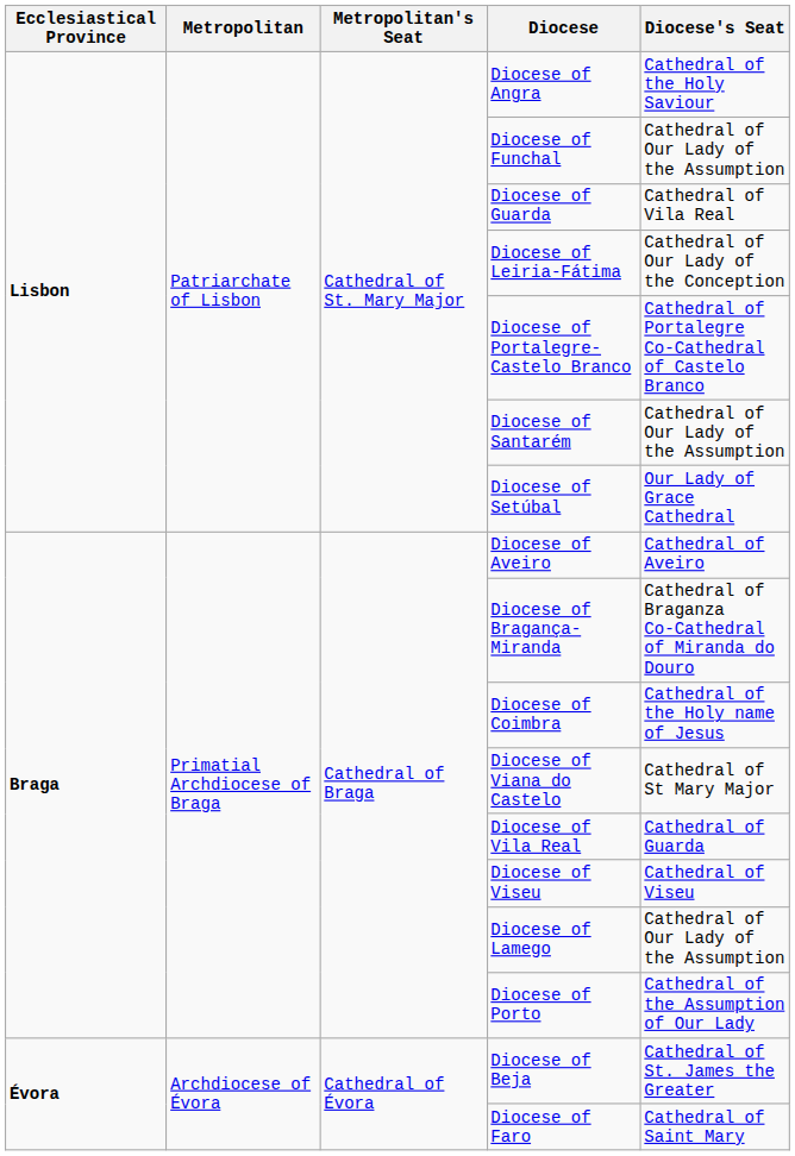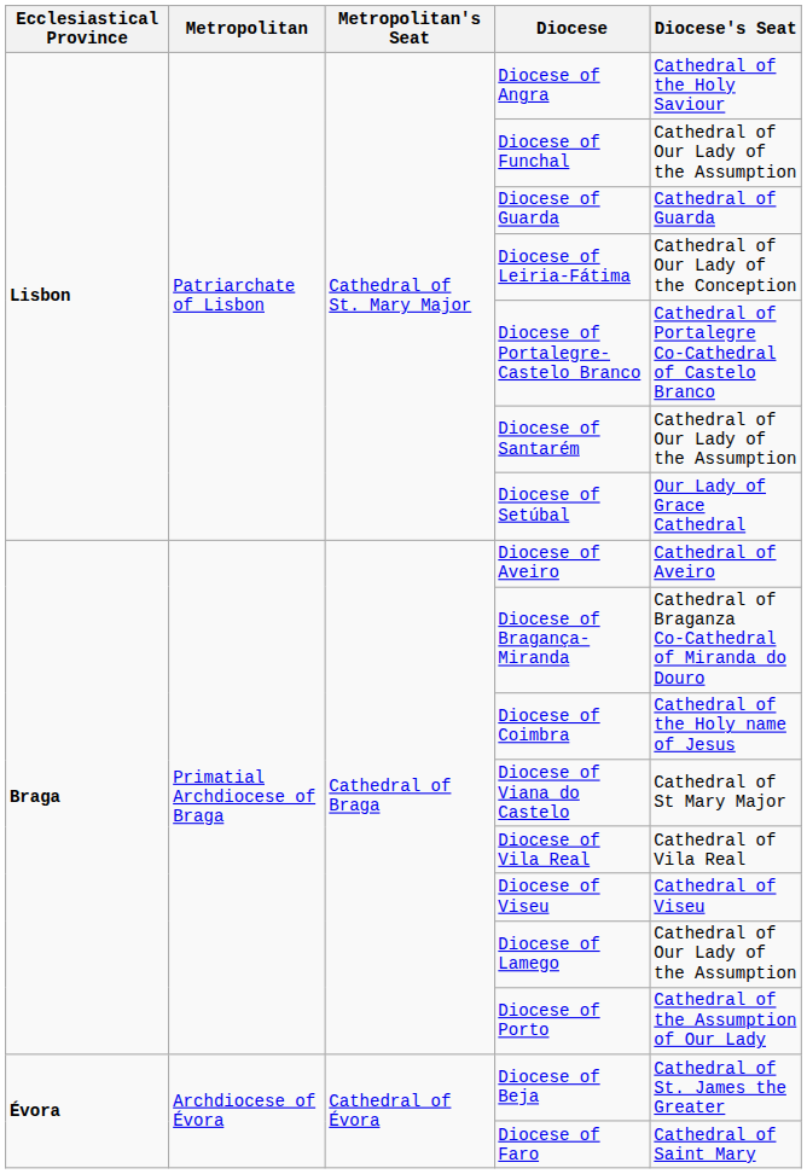 <table class="wikitable">
 <tr>
 <th>Ecclesiastical Province</th>
 <th>Metropolitan</th>
 <th>Metropolitan's Seat</th>
 <th>Diocese</th>
 <th>Diocese's Seat</th>
 </tr>
 <tr>
 <td rowspan="7"><strong>Lisbon</strong></td>
 <td rowspan="7"><a href='#'>Patriarchate of Lisbon</a></td>
 <td rowspan="7"><a href='#'>Cathedral of St. Mary Major</a></td>
 <td><a href='#'>Diocese of Angra</a></td>
 <td><a href='#'>Cathedral of the Holy Saviour</a></td>
 </tr>
 <tr>
 <td><a href='#'>Diocese of Funchal</a></td>
 <td>Cathedral of Our Lady of the Assumption</td>
 </tr>
 <tr>
 <td><a href='#'>Diocese of Guarda</a></td>
-<td>Cathedral of Vila Real</td>
+<td><a href='#'>Cathedral of Guarda</a></td>
 </tr>
 <tr>
 <td><a href='#'>Diocese of Leiria-Fátima</a></td>
 <td>Cathedral of Our Lady of the Conception</td>
 </tr>
 <tr>
 <td><a href='#'>Diocese of Portalegre-Castelo Branco</a></td>
 <td><a href='#'>Cathedral of Portalegre</a><br><a href='#'>Co-Cathedral of Castelo Branco</a></td>
 </tr>
 <tr>
 <td><a href='#'>Diocese of Santarém</a></td>
 <td>Cathedral of Our Lady of the Assumption</td>
 </tr>
 <tr>
 <td><a href='#'>Diocese of Setúbal</a></td>
 <td><a href='#'>Our Lady of Grace Cathedral</a></td>
 </tr>
 <tr>
 <td rowspan="8"><strong>Braga</strong></td>
 <td rowspan="8"><a href='#'>Primatial Archdiocese of Braga</a></td>
 <td rowspan="8"><a href='#'>Cathedral of Braga</a></td>
 <td><a href='#'>Diocese of Aveiro</a></td>
 <td><a href='#'>Cathedral of Aveiro</a></td>
 </tr>
 <tr>
 <td><a href='#'>Diocese of Bragança-Miranda</a></td>
 <td>Cathedral of Braganza<br><a href='#'>Co-Cathedral of Miranda do Douro</a></td>
 </tr>
 <tr>
 <td><a href='#'>Diocese of Coimbra</a></td>
 <td><a href='#'>Cathedral of the Holy name of Jesus</a></td>
 </tr>
 <tr>
 <td><a href='#'>Diocese of Viana do Castelo</a></td>
 <td>Cathedral of St Mary Major</td>
 </tr>
 <tr>
 <td><a href='#'>Diocese of Vila Real</a></td>
-<td><a href='#'>Cathedral of Guarda</a></td>
+<td>Cathedral of Vila Real</td>
 </tr>
 <tr>
 <td><a href='#'>Diocese of Viseu</a></td>
 <td><a href='#'>Cathedral of Viseu</a></td>
 </tr>
 <tr>
 <td><a href='#'>Diocese of Lamego</a></td>
 <td>Cathedral of Our Lady of the Assumption</td>
 </tr>
 <tr>
 <td><a href='#'>Diocese of Porto</a></td>
 <td><a href='#'>Cathedral of the Assumption of Our Lady</a></td>
 </tr>
 <tr>
 <td rowspan="2"><strong>Évora</strong></td>
 <td rowspan="2"><a href='#'>Archdiocese of Évora</a></td>
 <td rowspan="2"><a href='#'>Cathedral of Évora</a></td>
 <td><a href='#'>Diocese of Beja</a></td>
 <td><a href='#'>Cathedral of St. James the Greater</a></td>
 </tr>
 <tr>
 <td><a href='#'>Diocese of Faro</a></td>
 <td><a href='#'>Cathedral of Saint Mary</a></td>
 </tr>
 </table>
